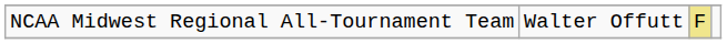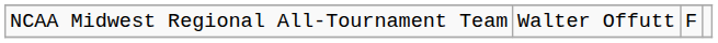 <table class="wikitable sortable" border="1">
 <tr align=center>
 </tr>
 <tr align="center">
 <td>NCAA Midwest Regional All-Tournament Team</td>
 <td>Walter Offutt</td>
-<td style="background: khaki;">F</td>
+<td>F</td>
 <td></td>
 </tr>
 <tr>
 </tr>
 </table>
